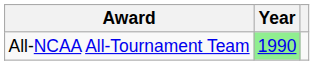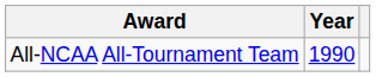 <table class="wikitable">
 <tr>
 <th>Award</th>
 <th>Year</th>
 <th></th>
 </tr>
 <tr>
 <td>All-<a href='#'>NCAA</a> <a href='#'>All-Tournament Team</a></td>
-<td style="background: lightgreen;"><a href='#'>1990</a></td>
+<td><a href='#'>1990</a></td>
 <td></td>
 </tr>
 </table>
